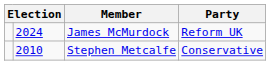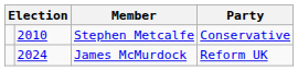 <table class="wikitable">
 <tr>
 <th colspan="2">Election</th>
 <th>Member</th>
 <th>Party</th>
 </tr>
 <tr>
 <td style="color:inherit;background-color: "></td>
+<td><a href='#'>2010</a></td>
+<td><a href='#'>Stephen Metcalfe</a></td>
+<td><a href='#'>Conservative</a></td>
+</tr>
+<tr>
+<td style="color:inherit;background-color: "></td>
 <td><a href='#'>2024</a></td>
 <td><a href='#'>James McMurdock</a></td>
 <td><a href='#'>Reform UK</a></td>
 </tr>
-<tr>
-<td style="color:inherit;background-color: "></td>
-<td><a href='#'>2010</a></td>
-<td><a href='#'>Stephen Metcalfe</a></td>
-<td><a href='#'>Conservative</a></td>
-</tr>
 </table>
